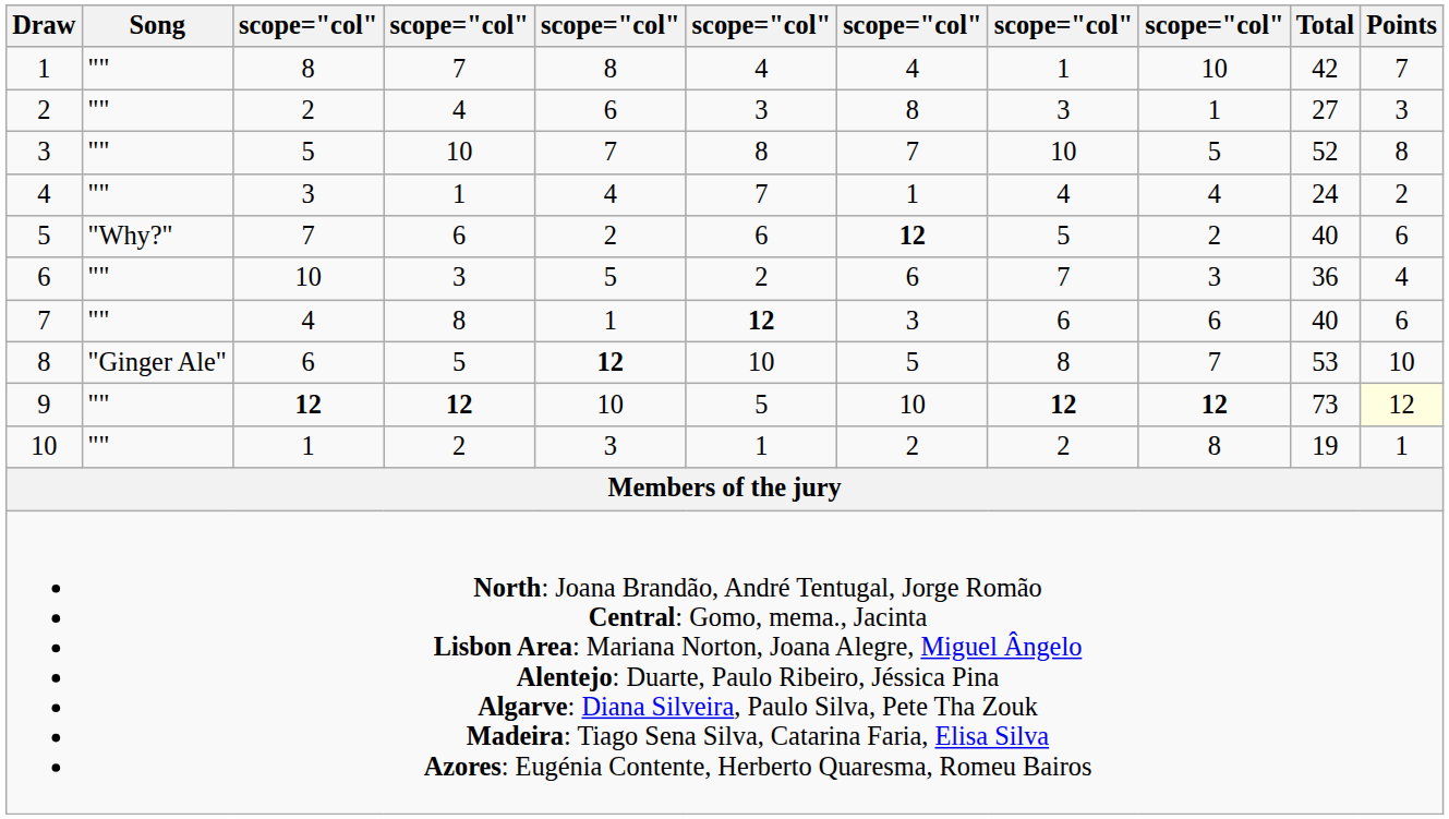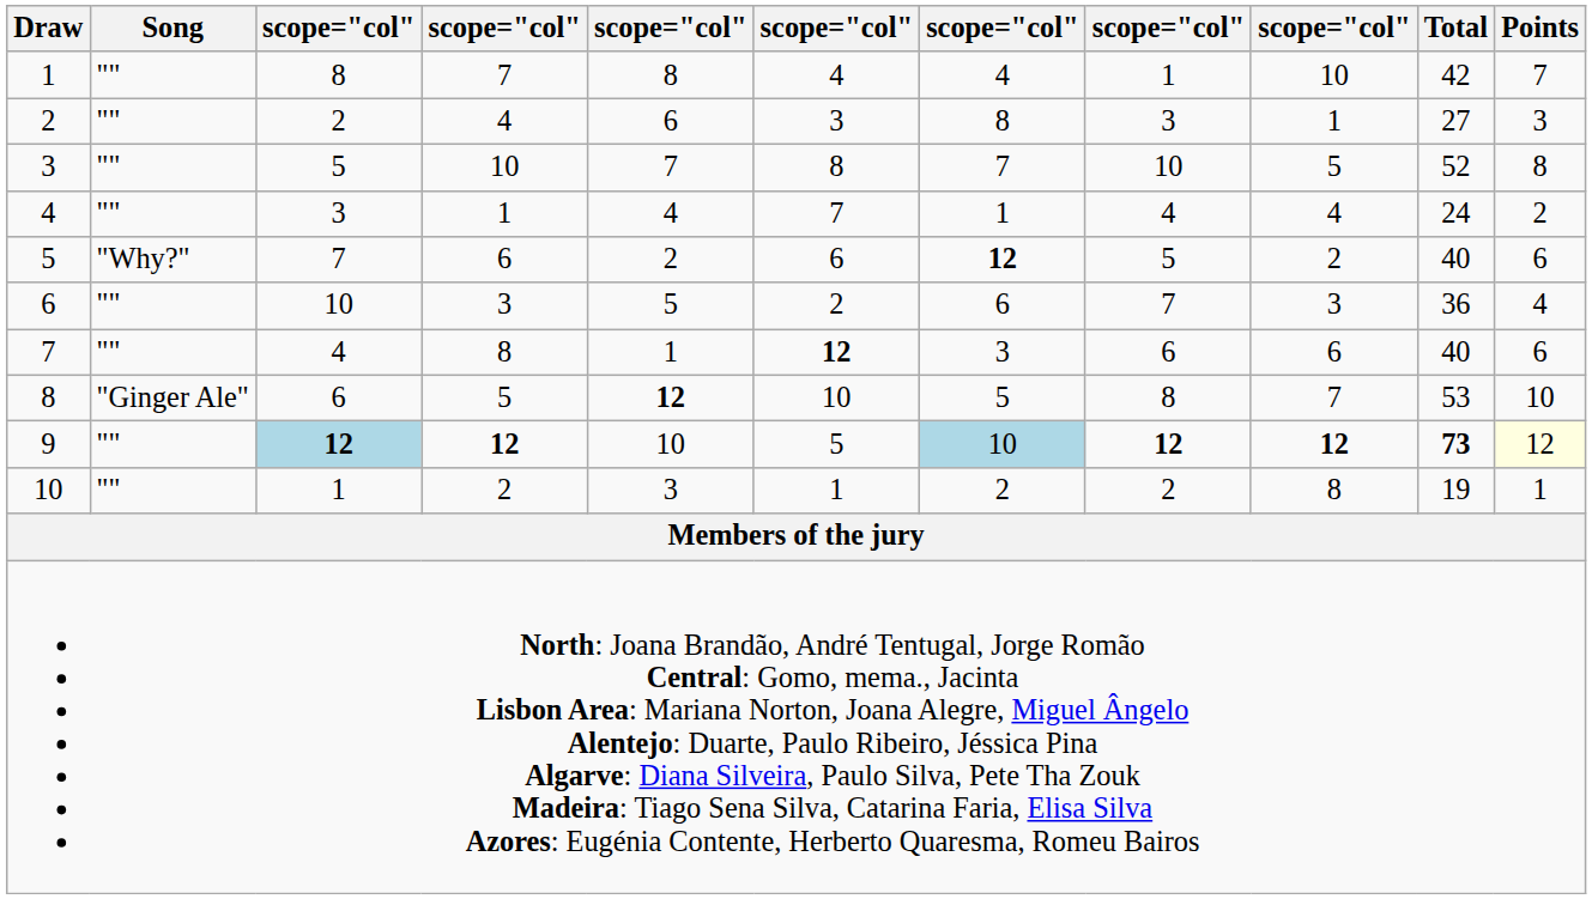 <table class="wikitable collapsible" style="margin: 1em auto 1em auto; text-align:center;">
 <tr>
 <th>Draw</th>
 <th>Song</th>
 <th>scope="col" </th>
 <th>scope="col" </th>
 <th>scope="col" </th>
 <th>scope="col" </th>
 <th>scope="col" </th>
 <th>scope="col" </th>
 <th>scope="col" </th>
 <th>Total</th>
 <th>Points</th>
 </tr>
 <tr>
 <td>1</td>
 <td align="left">""</td>
 <td>8</td>
 <td>7</td>
 <td>8</td>
 <td>4</td>
 <td>4</td>
 <td>1</td>
 <td>10</td>
 <td>42</td>
 <td>7</td>
 </tr>
 <tr>
 <td>2</td>
 <td align="left">""</td>
 <td>2</td>
 <td>4</td>
 <td>6</td>
 <td>3</td>
 <td>8</td>
 <td>3</td>
 <td>1</td>
 <td>27</td>
 <td>3</td>
 </tr>
 <tr>
 <td>3</td>
 <td align="left">""</td>
 <td>5</td>
 <td>10</td>
 <td>7</td>
 <td>8</td>
 <td>7</td>
 <td>10</td>
 <td>5</td>
 <td>52</td>
 <td>8</td>
 </tr>
 <tr>
 <td>4</td>
 <td align="left">""</td>
 <td>3</td>
 <td>1</td>
 <td>4</td>
 <td>7</td>
 <td>1</td>
 <td>4</td>
 <td>4</td>
 <td>24</td>
 <td>2</td>
 </tr>
 <tr>
 <td>5</td>
 <td align="left">"Why?"</td>
 <td>7</td>
 <td>6</td>
 <td>2</td>
 <td>6</td>
 <td><strong>12</strong></td>
 <td>5</td>
 <td>2</td>
 <td>40</td>
 <td>6</td>
 </tr>
 <tr>
 <td>6</td>
 <td align="left">""</td>
 <td>10</td>
 <td>3</td>
 <td>5</td>
 <td>2</td>
 <td>6</td>
 <td>7</td>
 <td>3</td>
 <td>36</td>
 <td>4</td>
 </tr>
 <tr>
 <td>7</td>
 <td align="left">""</td>
 <td>4</td>
 <td>8</td>
 <td>1</td>
 <td><strong>12</strong></td>
 <td>3</td>
 <td>6</td>
 <td>6</td>
 <td>40</td>
 <td>6</td>
 </tr>
 <tr>
 <td>8</td>
 <td align="left">"Ginger Ale"</td>
 <td>6</td>
 <td>5</td>
 <td><strong>12</strong></td>
 <td>10</td>
 <td>5</td>
 <td>8</td>
 <td>7</td>
 <td>53</td>
 <td>10</td>
 </tr>
 <tr>
 <td>9</td>
 <td align="left">""</td>
-<td><strong>12</strong></td>
+<td style="background: lightblue;"><strong>12</strong></td>
 <td><strong>12</strong></td>
 <td>10</td>
 <td>5</td>
-<td>10</td>
+<td style="background: lightblue;">10</td>
 <td><strong>12</strong></td>
 <td><strong>12</strong></td>
-<td>73</td>
+<td><strong>73</strong></td>
 <td style="background: lightyellow;">12</td>
 </tr>
 <tr>
 <td>10</td>
 <td align="left">""</td>
 <td>1</td>
 <td>2</td>
 <td>3</td>
 <td>1</td>
 <td>2</td>
 <td>2</td>
 <td>8</td>
 <td>19</td>
 <td>1</td>
 </tr>
 <tr>
 <th colspan="11">Members of the jury</th>
 </tr>
 <tr>
 <td colspan="11"><br><ul><li><strong>North</strong>: Joana Brandão, André Tentugal, Jorge Romão</li><li><strong>Central</strong>: Gomo, mema., Jacinta</li><li><strong>Lisbon Area</strong>: Mariana Norton, Joana Alegre, <a href='#'>Miguel Ângelo</a></li><li><strong>Alentejo</strong>: Duarte, Paulo Ribeiro, Jéssica Pina</li><li><strong>Algarve</strong>: <a href='#'>Diana Silveira</a>, Paulo Silva, Pete Tha Zouk</li><li><strong>Madeira</strong>: Tiago Sena Silva, Catarina Faria, <a href='#'>Elisa Silva</a></li><li><strong>Azores</strong>: Eugénia Contente, Herberto Quaresma, Romeu Bairos</li></ul></td>
 </tr>
 </table>
